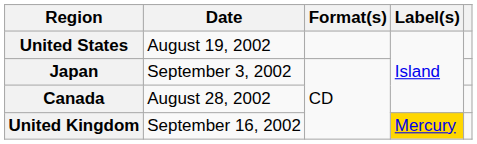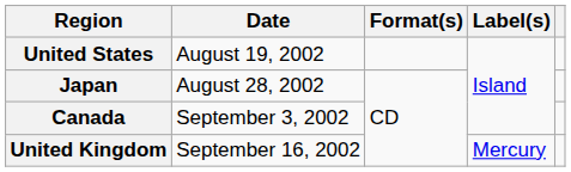 <table class="wikitable plainrowheaders">
 <tr>
 <th scope="col">Region</th>
 <th scope="col">Date</th>
 <th scope="col">Format(s)</th>
 <th scope="col">Label(s)</th>
 <th scope="col"></th>
 </tr>
 <tr>
 <th scope="row">United States</th>
 <td>August 19, 2002</td>
 <td></td>
 <td rowspan="3"><a href='#'>Island</a></td>
 <td></td>
 </tr>
 <tr>
 <th scope="row">Japan</th>
-<td>September 3, 2002</td>
+<td>August 28, 2002</td>
 <td rowspan="3">CD</td>
 <td></td>
 </tr>
 <tr>
 <th scope="row">Canada</th>
-<td>August 28, 2002</td>
+<td>September 3, 2002</td>
 <td></td>
 </tr>
 <tr>
 <th scope="row">United Kingdom</th>
 <td>September 16, 2002</td>
-<td style="background: gold;"><a href='#'>Mercury</a></td>
+<td><a href='#'>Mercury</a></td>
 <td></td>
 </tr>
 </table>
